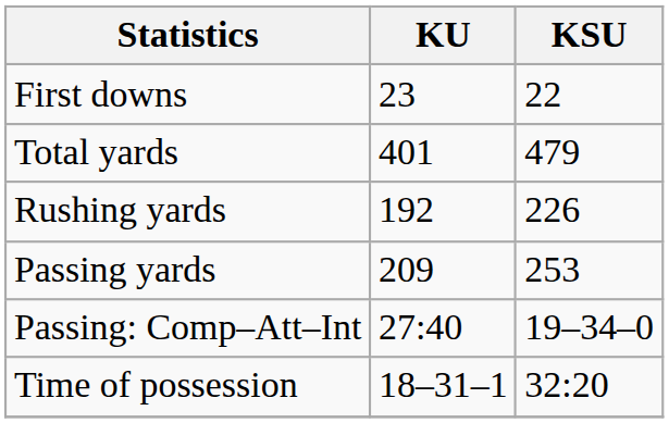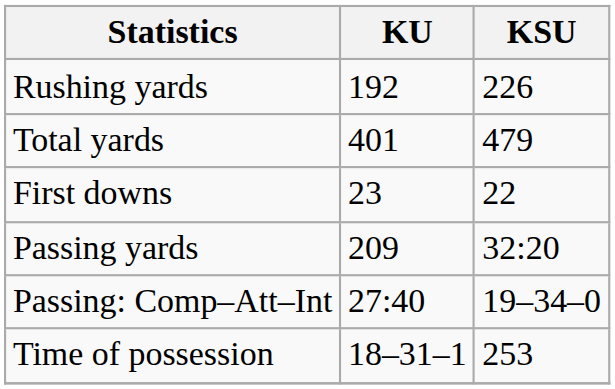 <table class="wikitable" style="float: left;">
 <tr>
 <th>Statistics</th>
 <th>KU</th>
 <th>KSU</th>
 </tr>
 <tr>
-<td>First downs</td>
-<td>23</td>
-<td>22</td>
+<td>Rushing yards</td>
+<td>192</td>
+<td>226</td>
 </tr>
 <tr>
 <td>Total yards</td>
 <td>401</td>
 <td>479</td>
 </tr>
 <tr>
-<td>Rushing yards</td>
-<td>192</td>
-<td>226</td>
+<td>First downs</td>
+<td>23</td>
+<td>22</td>
 </tr>
 <tr>
 <td>Passing yards</td>
 <td>209</td>
-<td>253</td>
+<td>32:20</td>
 </tr>
 <tr>
 <td>Passing: Comp–Att–Int</td>
 <td>27:40</td>
 <td>19–34–0</td>
 </tr>
 <tr>
 <td>Time of possession</td>
 <td>18–31–1</td>
-<td>32:20</td>
+<td>253</td>
 </tr>
 <tr>
 </tr>
 </table>
